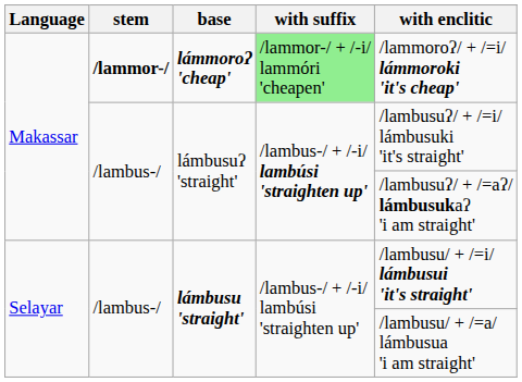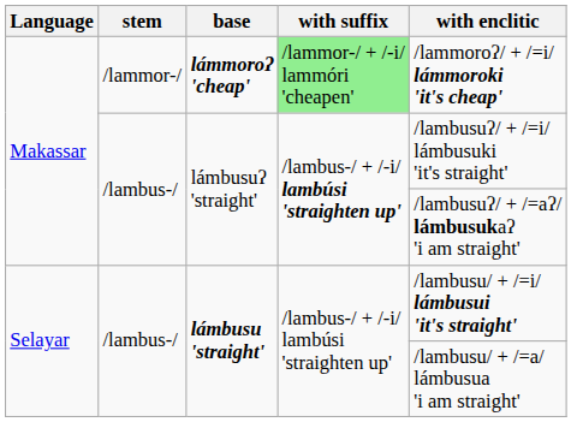 <table class="wikitable">
 <tr>
 <th>Language</th>
 <th>stem</th>
 <th>base</th>
 <th>with suffix</th>
 <th>with enclitic</th>
 </tr>
 <tr>
 <td rowspan="3"><a href='#'>Makassar</a></td>
-<td><strong>/lammor-/</strong></td>
+<td>/lammor-/</td>
 <td><strong><em>lámmor<strong>oʔ<em><br>'cheap'</td>
 <td style="background: lightgreen;">/lammor-/ + /-i/<br></em></strong>lammór</strong>i</em><br>'cheapen'</td>
 <td>/lammoroʔ/ + /=i/<br><strong><em>lámmorok<strong>i<em><br>'it's cheap'</td>
 </tr>
 <tr>
 <td rowspan="2">/lambus-/</td>
 <td rowspan="2"></em></strong>lámbus</strong>uʔ</em><br>'straight'</td>
 <td rowspan="2">/lambus-/ + /-i/<br><strong><em>lambús<strong>i<em><br>'straighten up'</td>
 <td>/lambusuʔ/ + /=i/<br></em></strong>lámbusuk</strong>i</em><br>'it's straight'</td>
 </tr>
 <tr>
 <td>/lambusuʔ/ + /=aʔ/<br><strong>lámbusuk</strong>aʔ<br>'i am straight'</td>
 </tr>
 <tr>
 <td rowspan="2"><a href='#'>Selayar</a></td>
 <td rowspan="2">/lambus-/</td>
 <td rowspan="2"><strong><em>lámbus<strong>u<em><br>'straight'</td>
 <td rowspan="2">/lambus-/ + /-i/<br></em></strong>lambús</strong>i</em><br>'straighten up'</td>
 <td>/lambusu/ + /=i/<br><strong><em>lámbusu<strong>i<em><br>'it's straight'</td>
 </tr>
 <tr>
 <td>/lambusu/ + /=a/<br></em></strong>lámbusu</strong>a</em><br>'i am straight'</td>
 </tr>
 </table>
